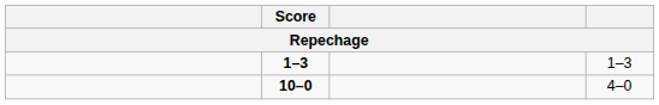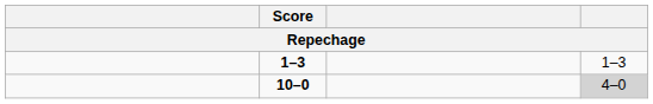 <table class="wikitable" style="text-align: left;">
 <tr>
 <th align="right" width="270"></th>
 <th width="65">Score</th>
 <th align="left" width="270"></th>
 <th width="65"></th>
 </tr>
 <tr>
 <th colspan=4>Repechage</th>
 </tr>
 <tr>
 <td></td>
 <td align="center"><strong>1–3</strong></td>
 <td><strong></strong></td>
 <td align=center>1–3 <strong></strong></td>
 </tr>
 <tr>
 <td><strong></strong></td>
 <td align="center"><strong>10–0</strong></td>
 <td></td>
-<td align=center>4–0 <strong></strong></td>
+<td align=center style="background: lightgrey;">4–0 <strong></strong></td>
 </tr>
 </table>
